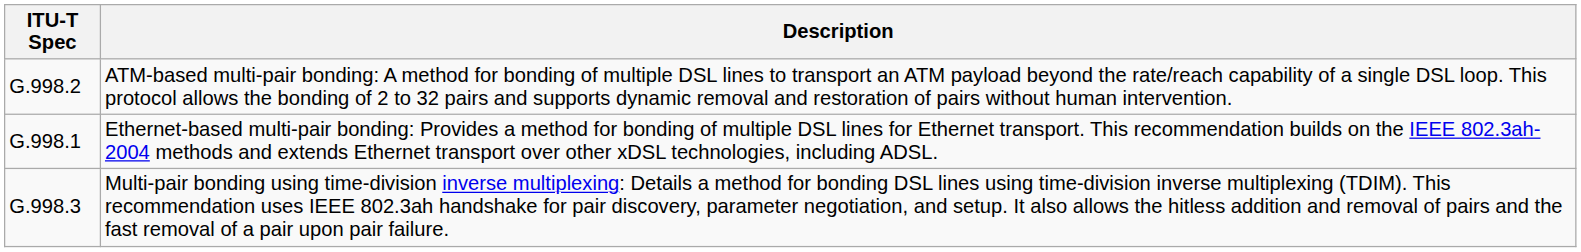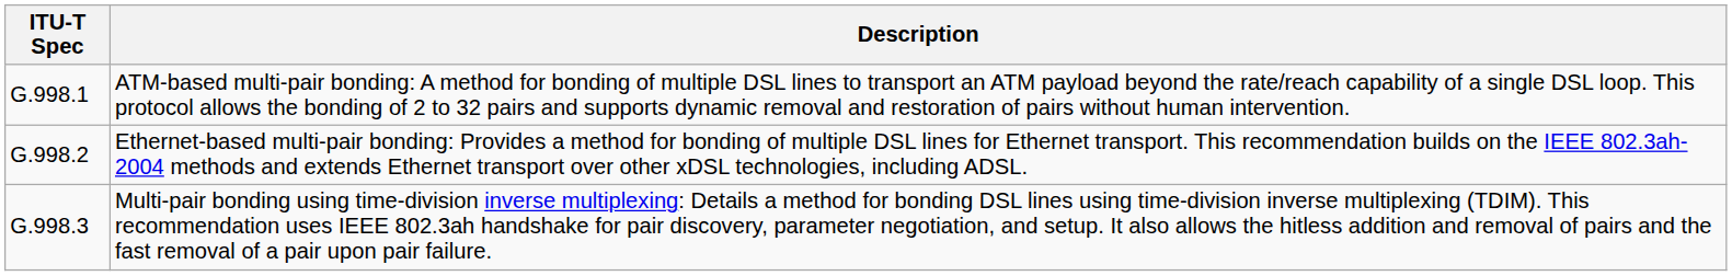 <table class="wikitable sortable">
 <tr>
 <th>ITU-T Spec</th>
 <th>Description</th>
 </tr>
 <tr>
-<td>G.998.2</td>
+<td>G.998.1</td>
 <td>ATM-based multi-pair bonding: A method for bonding of multiple DSL lines to transport an ATM payload beyond the rate/reach capability of a single DSL loop. This protocol allows the bonding of 2 to 32 pairs and supports dynamic removal and restoration of pairs without human intervention.</td>
 </tr>
 <tr>
-<td>G.998.1</td>
+<td>G.998.2</td>
 <td>Ethernet-based multi-pair bonding: Provides a method for bonding of multiple DSL lines for Ethernet transport. This recommendation builds on the <a href='#'>IEEE 802.3ah-2004</a> methods and extends Ethernet transport over other xDSL technologies, including ADSL.</td>
 </tr>
 <tr>
 <td>G.998.3</td>
 <td>Multi-pair bonding using time-division <a href='#'>inverse multiplexing</a>: Details a method for bonding DSL lines using time-division inverse multiplexing (TDIM). This recommendation uses IEEE 802.3ah handshake for pair discovery, parameter negotiation, and setup. It also allows the hitless addition and removal of pairs and the fast removal of a pair upon pair failure.</td>
 </tr>
 </table>
